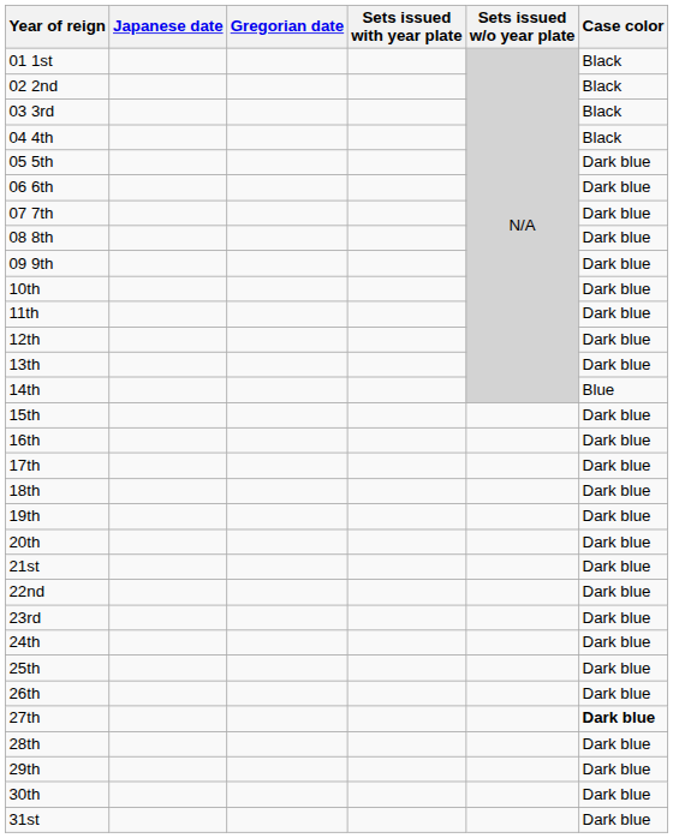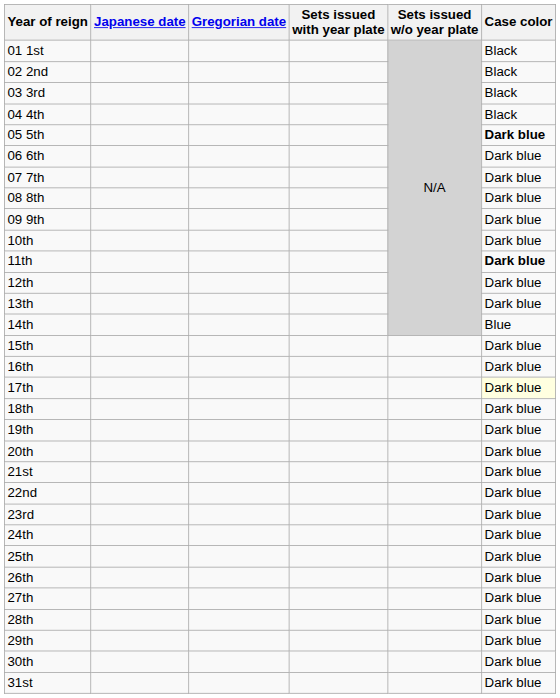 <table class="wikitable sortable">
 <tr>
 <th>Year of reign</th>
 <th class="unsortable"><a href='#'>Japanese date</a></th>
 <th><a href='#'>Gregorian date</a></th>
 <th>Sets issued<br>with year plate</th>
 <th>Sets issued<br>w/o year plate</th>
 <th>Case color</th>
 </tr>
 <tr>
 <td><span>01</span> 1st</td>
 <td></td>
 <td></td>
 <td></td>
 <td rowspan="14" style="background:lightgrey;" align="center">N/A</td>
 <td>Black</td>
 </tr>
 <tr>
 <td><span>02</span> 2nd</td>
 <td></td>
 <td></td>
 <td></td>
 <td>Black</td>
 </tr>
 <tr>
 <td><span>03</span> 3rd</td>
 <td></td>
 <td></td>
 <td></td>
 <td>Black</td>
 </tr>
 <tr>
 <td><span>04</span> 4th</td>
 <td></td>
 <td></td>
 <td></td>
 <td>Black</td>
 </tr>
 <tr>
 <td><span>05</span> 5th</td>
 <td></td>
 <td></td>
 <td></td>
-<td>Dark blue</td>
+<td><strong>Dark blue</strong></td>
 </tr>
 <tr>
 <td><span>06</span> 6th</td>
 <td></td>
 <td></td>
 <td></td>
 <td>Dark blue</td>
 </tr>
 <tr>
 <td><span>07</span> 7th</td>
 <td></td>
 <td></td>
 <td></td>
 <td>Dark blue</td>
 </tr>
 <tr>
 <td><span>08</span> 8th</td>
 <td></td>
 <td></td>
 <td></td>
 <td>Dark blue</td>
 </tr>
 <tr>
 <td><span>09</span> 9th</td>
 <td></td>
 <td></td>
 <td></td>
 <td>Dark blue</td>
 </tr>
 <tr>
 <td>10th</td>
 <td></td>
 <td></td>
 <td></td>
 <td>Dark blue</td>
 </tr>
 <tr>
 <td>11th</td>
 <td></td>
 <td></td>
 <td></td>
-<td>Dark blue</td>
+<td><strong>Dark blue</strong></td>
 </tr>
 <tr>
 <td>12th</td>
 <td></td>
 <td></td>
 <td></td>
 <td>Dark blue</td>
 </tr>
 <tr>
 <td>13th</td>
 <td></td>
 <td></td>
 <td></td>
 <td>Dark blue</td>
 </tr>
 <tr>
 <td>14th</td>
 <td></td>
 <td></td>
 <td></td>
 <td>Blue</td>
 </tr>
 <tr>
 <td>15th</td>
 <td></td>
 <td></td>
 <td></td>
 <td></td>
 <td>Dark blue</td>
 </tr>
 <tr>
 <td>16th</td>
 <td></td>
 <td></td>
 <td></td>
 <td></td>
 <td>Dark blue</td>
 </tr>
 <tr>
 <td>17th</td>
 <td></td>
 <td></td>
 <td></td>
 <td></td>
-<td>Dark blue</td>
+<td style="background: lightyellow;">Dark blue</td>
 </tr>
 <tr>
 <td>18th</td>
 <td></td>
 <td></td>
 <td></td>
 <td></td>
 <td>Dark blue</td>
 </tr>
 <tr>
 <td>19th</td>
 <td></td>
 <td></td>
 <td></td>
 <td></td>
 <td>Dark blue</td>
 </tr>
 <tr>
 <td>20th</td>
 <td></td>
 <td></td>
 <td></td>
 <td></td>
 <td>Dark blue</td>
 </tr>
 <tr>
 <td>21st</td>
 <td></td>
 <td></td>
 <td></td>
 <td></td>
 <td>Dark blue</td>
 </tr>
 <tr>
 <td>22nd</td>
 <td></td>
 <td></td>
 <td></td>
 <td></td>
 <td>Dark blue</td>
 </tr>
 <tr>
 <td>23rd</td>
 <td></td>
 <td></td>
 <td></td>
 <td></td>
 <td>Dark blue</td>
 </tr>
 <tr>
 <td>24th</td>
 <td></td>
 <td></td>
 <td></td>
 <td></td>
 <td>Dark blue</td>
 </tr>
 <tr>
 <td>25th</td>
 <td></td>
 <td></td>
 <td></td>
 <td></td>
 <td>Dark blue</td>
 </tr>
 <tr>
 <td>26th</td>
 <td></td>
 <td></td>
 <td></td>
 <td></td>
 <td>Dark blue</td>
 </tr>
 <tr>
 <td>27th</td>
 <td></td>
 <td></td>
 <td></td>
 <td></td>
-<td><strong>Dark blue</strong></td>
+<td>Dark blue</td>
 </tr>
 <tr>
 <td>28th</td>
 <td></td>
 <td></td>
 <td></td>
 <td></td>
 <td>Dark blue</td>
 </tr>
 <tr>
 <td>29th</td>
 <td></td>
 <td></td>
 <td></td>
 <td></td>
 <td>Dark blue</td>
 </tr>
 <tr>
 <td>30th</td>
 <td></td>
 <td></td>
 <td></td>
 <td></td>
 <td>Dark blue</td>
 </tr>
 <tr>
 <td>31st</td>
 <td></td>
 <td></td>
 <td></td>
 <td></td>
 <td>Dark blue</td>
 </tr>
 </table>
